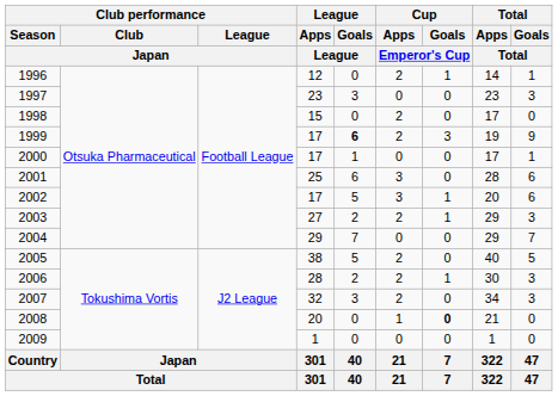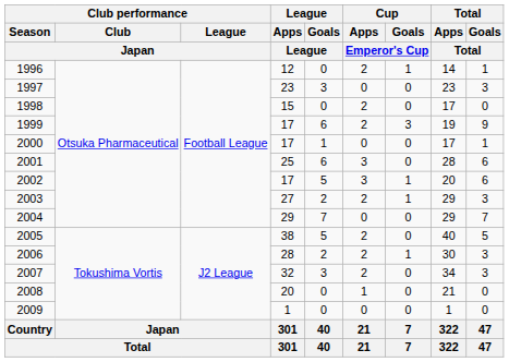 <table class="wikitable" style="text-align:center;">
 <tr>
 <th colspan=3>Club performance</th>
 <th colspan=2>League</th>
 <th colspan=2>Cup</th>
 <th colspan=2>Total</th>
 </tr>
 <tr>
 <th>Season</th>
 <th>Club</th>
 <th>League</th>
 <th>Apps</th>
 <th>Goals</th>
 <th>Apps</th>
 <th>Goals</th>
 <th>Apps</th>
 <th>Goals</th>
 </tr>
 <tr>
 <th colspan=3>Japan</th>
 <th colspan=2>League</th>
 <th colspan=2><a href='#'>Emperor's Cup</a></th>
 <th colspan=2>Total</th>
 </tr>
 <tr>
 <td>1996</td>
 <td rowspan="9"><a href='#'>Otsuka Pharmaceutical</a></td>
 <td rowspan="9"><a href='#'>Football League</a></td>
 <td>12</td>
 <td>0</td>
 <td>2</td>
 <td>1</td>
 <td>14</td>
 <td>1</td>
 </tr>
 <tr>
 <td>1997</td>
 <td>23</td>
 <td>3</td>
 <td>0</td>
 <td>0</td>
 <td>23</td>
 <td>3</td>
 </tr>
 <tr>
 <td>1998</td>
 <td>15</td>
 <td>0</td>
 <td>2</td>
 <td>0</td>
 <td>17</td>
 <td>0</td>
 </tr>
 <tr>
 <td>1999</td>
 <td>17</td>
-<td><strong>6</strong></td>
+<td>6</td>
 <td>2</td>
 <td>3</td>
 <td>19</td>
 <td>9</td>
 </tr>
 <tr>
 <td>2000</td>
 <td>17</td>
 <td>1</td>
 <td>0</td>
 <td>0</td>
 <td>17</td>
 <td>1</td>
 </tr>
 <tr>
 <td>2001</td>
 <td>25</td>
 <td>6</td>
 <td>3</td>
 <td>0</td>
 <td>28</td>
 <td>6</td>
 </tr>
 <tr>
 <td>2002</td>
 <td>17</td>
 <td>5</td>
 <td>3</td>
 <td>1</td>
 <td>20</td>
 <td>6</td>
 </tr>
 <tr>
 <td>2003</td>
 <td>27</td>
 <td>2</td>
 <td>2</td>
 <td>1</td>
 <td>29</td>
 <td>3</td>
 </tr>
 <tr>
 <td>2004</td>
 <td>29</td>
 <td>7</td>
 <td>0</td>
 <td>0</td>
 <td>29</td>
 <td>7</td>
 </tr>
 <tr>
 <td>2005</td>
 <td rowspan="5"><a href='#'>Tokushima Vortis</a></td>
 <td rowspan="5"><a href='#'>J2 League</a></td>
 <td>38</td>
 <td>5</td>
 <td>2</td>
 <td>0</td>
 <td>40</td>
 <td>5</td>
 </tr>
 <tr>
 <td>2006</td>
 <td>28</td>
 <td>2</td>
 <td>2</td>
 <td>1</td>
 <td>30</td>
 <td>3</td>
 </tr>
 <tr>
 <td>2007</td>
 <td>32</td>
 <td>3</td>
 <td>2</td>
 <td>0</td>
 <td>34</td>
 <td>3</td>
 </tr>
 <tr>
 <td>2008</td>
 <td>20</td>
 <td>0</td>
 <td>1</td>
-<td><strong>0</strong></td>
+<td>0</td>
 <td>21</td>
 <td>0</td>
 </tr>
 <tr>
 <td>2009</td>
 <td>1</td>
 <td>0</td>
 <td>0</td>
 <td>0</td>
 <td>1</td>
 <td>0</td>
 </tr>
 <tr>
 <th rowspan=1>Country</th>
 <th colspan=2>Japan</th>
 <th>301</th>
 <th>40</th>
 <th>21</th>
 <th>7</th>
 <th>322</th>
 <th>47</th>
 </tr>
 <tr>
 <th colspan=3>Total</th>
 <th>301</th>
 <th>40</th>
 <th>21</th>
 <th>7</th>
 <th>322</th>
 <th>47</th>
 </tr>
 </table>
